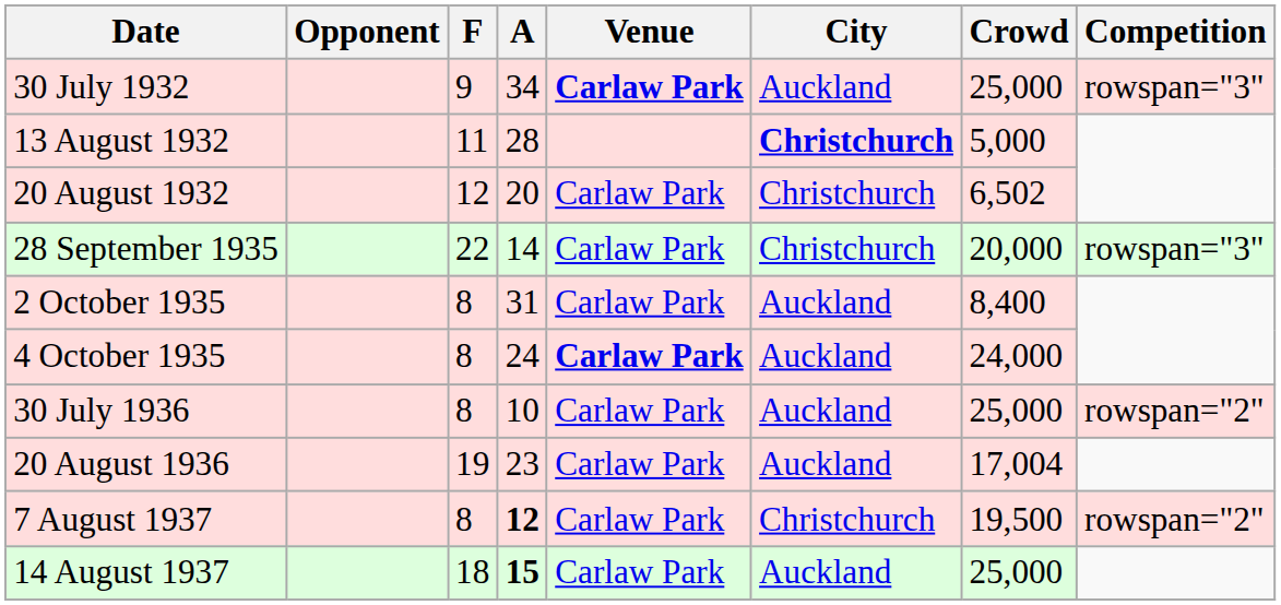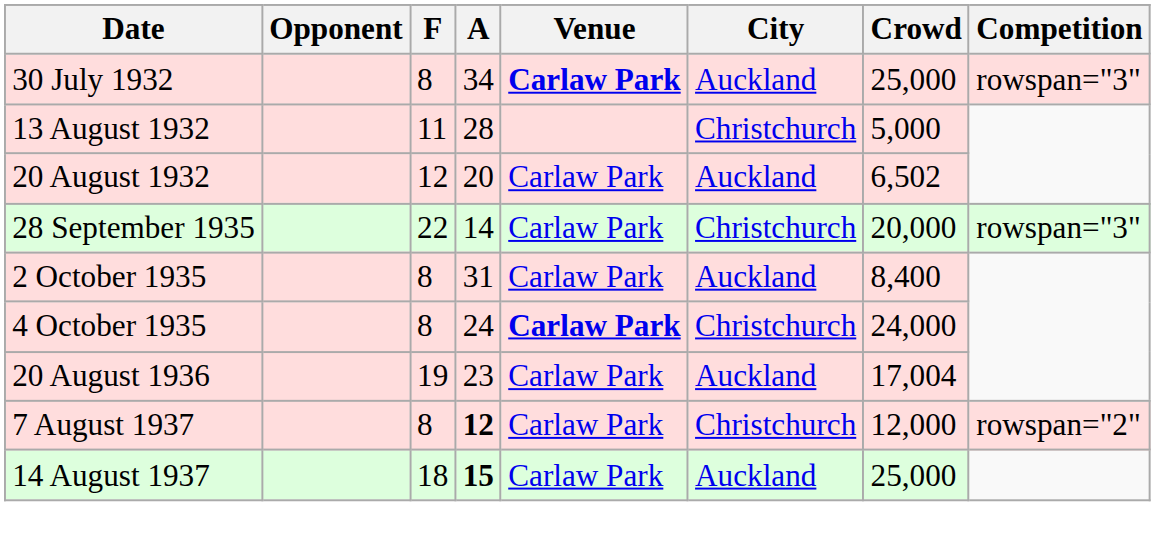 <table class="wikitable sortable">
 <tr>
 <th>Date</th>
 <th>Opponent</th>
 <th>F</th>
 <th>A</th>
 <th>Venue</th>
 <th>City</th>
 <th>Crowd</th>
 <th>Competition</th>
 </tr>
 <tr style="background:#ffdddd;">
 <td>30 July 1932</td>
 <td></td>
-<td>9</td>
+<td>8</td>
 <td>34</td>
 <td><strong><a href='#'>Carlaw Park</a></strong></td>
 <td><a href='#'>Auckland</a></td>
 <td>25,000</td>
 <td>rowspan="3"</td>
 </tr>
 <tr style="background:#ffdddd;">
 <td>13 August 1932</td>
 <td></td>
 <td>11</td>
 <td>28</td>
 <td></td>
-<td><strong><a href='#'>Christchurch</a></strong></td>
+<td><a href='#'>Christchurch</a></td>
 <td>5,000</td>
 </tr>
 <tr style="background:#ffdddd;">
 <td>20 August 1932</td>
 <td></td>
 <td>12</td>
 <td>20</td>
 <td><a href='#'>Carlaw Park</a></td>
-<td><a href='#'>Christchurch</a></td>
+<td><a href='#'>Auckland</a></td>
 <td>6,502</td>
 </tr>
 <tr style="background:#ddffdd;">
 <td>28 September 1935</td>
 <td></td>
 <td>22</td>
 <td>14</td>
 <td><a href='#'>Carlaw Park</a></td>
 <td><a href='#'>Christchurch</a></td>
 <td>20,000</td>
 <td>rowspan="3" </td>
 </tr>
 <tr style="background:#ffdddd;">
 <td>2 October 1935</td>
 <td></td>
 <td>8</td>
 <td>31</td>
 <td><a href='#'>Carlaw Park</a></td>
 <td><a href='#'>Auckland</a></td>
 <td>8,400</td>
 </tr>
 <tr style="background:#ffdddd;">
 <td>4 October 1935</td>
 <td></td>
 <td>8</td>
 <td>24</td>
 <td><strong><a href='#'>Carlaw Park</a></strong></td>
-<td><a href='#'>Auckland</a></td>
+<td><a href='#'>Christchurch</a></td>
 <td>24,000</td>
-</tr>
-<tr style="background:#ffdddd;">
-<td>30 July 1936</td>
-<td></td>
-<td>8</td>
-<td>10</td>
-<td><a href='#'>Carlaw Park</a></td>
-<td><a href='#'>Auckland</a></td>
-<td>25,000</td>
-<td>rowspan="2"</td>
 </tr>
 <tr style="background:#ffdddd;">
 <td>20 August 1936</td>
 <td></td>
 <td>19</td>
 <td>23</td>
 <td><a href='#'>Carlaw Park</a></td>
 <td><a href='#'>Auckland</a></td>
 <td>17,004</td>
 </tr>
 <tr style="background:#ffdddd;">
 <td>7 August 1937</td>
 <td></td>
 <td>8</td>
 <td><strong>12</strong></td>
 <td><a href='#'>Carlaw Park</a></td>
 <td><a href='#'>Christchurch</a></td>
-<td>19,500</td>
+<td>12,000</td>
 <td>rowspan="2" </td>
 </tr>
 <tr style="background:#ddffdd;">
 <td>14 August 1937</td>
 <td></td>
 <td>18</td>
 <td><strong>15</strong></td>
 <td><a href='#'>Carlaw Park</a></td>
 <td><a href='#'>Auckland</a></td>
 <td>25,000</td>
 </tr>
 </table>
